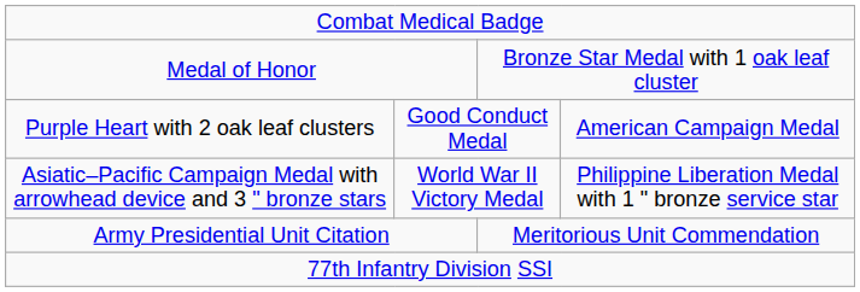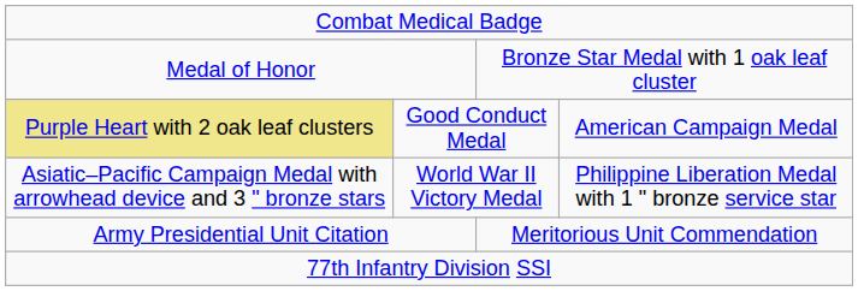 <table class="wikitable" style="margin:1em auto; text-align:center;">
 <tr>
 <td colspan="4"><a href='#'>Combat Medical Badge</a></td>
 </tr>
 <tr>
 <td colspan="2"><a href='#'>Medal of Honor</a></td>
 <td colspan="2"><a href='#'>Bronze Star Medal</a> with 1 <a href='#'>oak leaf cluster</a></td>
 </tr>
 <tr>
-<td colspan="1"><a href='#'>Purple Heart</a> with 2 oak leaf clusters</td>
+<td colspan="1" style="background: khaki;"><a href='#'>Purple Heart</a> with 2 oak leaf clusters</td>
 <td colspan="2"><a href='#'>Good Conduct Medal</a></td>
 <td colspan="1"><a href='#'>American Campaign Medal</a></td>
 </tr>
 <tr>
 <td colspan="1"><a href='#'>Asiatic–Pacific Campaign Medal</a> with <a href='#'>arrowhead device</a> and 3 <a href='#'>" bronze stars</a></td>
 <td colspan="2"><a href='#'>World War II Victory Medal</a></td>
 <td colspan="1"><a href='#'>Philippine Liberation Medal</a> with 1 " bronze <a href='#'>service star</a></td>
 </tr>
 <tr>
 <td colspan="2"><a href='#'>Army Presidential Unit Citation</a></td>
 <td colspan="2"><a href='#'>Meritorious Unit Commendation</a></td>
 </tr>
 <tr>
 <td colspan="4"><a href='#'>77th Infantry Division</a> <a href='#'>SSI</a></td>
 </tr>
 </table>
